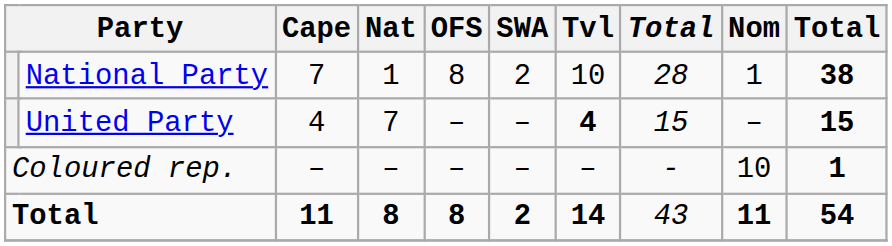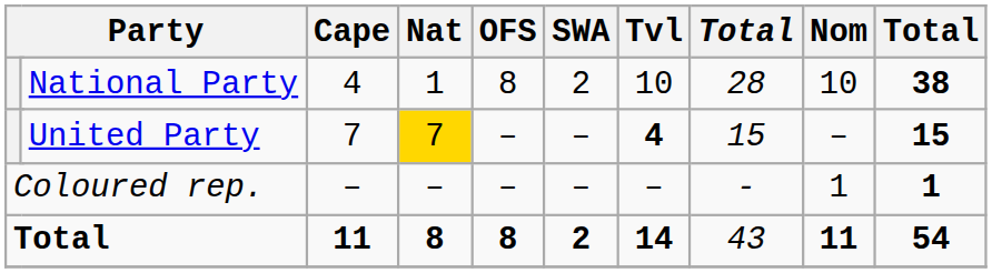 <table class="wikitable">
 <tr>
 <th colspan=3><strong>Party</strong></th>
 <th>Cape</th>
 <th>Nat</th>
 <th>OFS</th>
 <th>SWA</th>
 <th>Tvl</th>
 <th><em>Total</em></th>
 <th>Nom</th>
 <th><strong>Total</strong></th>
 </tr>
 <tr>
 <th colspan=2 style="background-color: "></th>
 <td><a href='#'>National Party</a></td>
-<td align=center>7</td>
+<td align=center>4</td>
 <td align=center>1</td>
 <td align=center>8</td>
 <td align=center>2</td>
 <td align=center>10</td>
 <td align=center><em>28</em></td>
-<td align=center>1</td>
+<td align=center>10</td>
 <td align=center><strong>38</strong></td>
 </tr>
 <tr>
 <th colspan=2 style="background-color: "></th>
 <td><a href='#'>United Party</a></td>
-<td align=center>4</td>
 <td align=center>7</td>
+<td align=center style="background: gold;">7</td>
 <td align=center>–</td>
 <td align=center>–</td>
 <td align=center><strong>4</strong></td>
 <td align=center><em>15</em></td>
 <td align=center>–</td>
 <td align=center><strong>15</strong></td>
 </tr>
 <tr>
 <td colspan=3><em>Coloured rep.</em></td>
 <td align=center>–</td>
 <td align=center>–</td>
 <td align=center>–</td>
 <td align=center>–</td>
 <td align=center>–</td>
 <td align=center><em>-</em></td>
-<td align=center>10</td>
+<td align=center>1</td>
 <td align=center><strong>1</strong></td>
 </tr>
 <tr>
 <td colspan=3><strong>Total</strong></td>
 <td align=center><strong>11</strong></td>
 <td align=center><strong>8</strong></td>
 <td align=center><strong>8</strong></td>
 <td align=center><strong>2</strong></td>
 <td align=center><strong>14</strong></td>
 <td align=center><em>43</em></td>
 <td align=center><strong>11</strong></td>
 <td align=center><strong>54</strong></td>
 </tr>
 <tr>
 </tr>
 </table>
